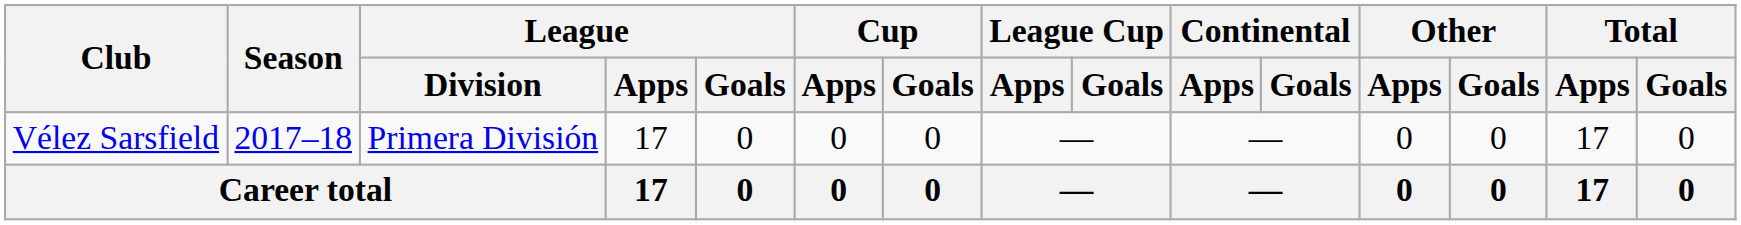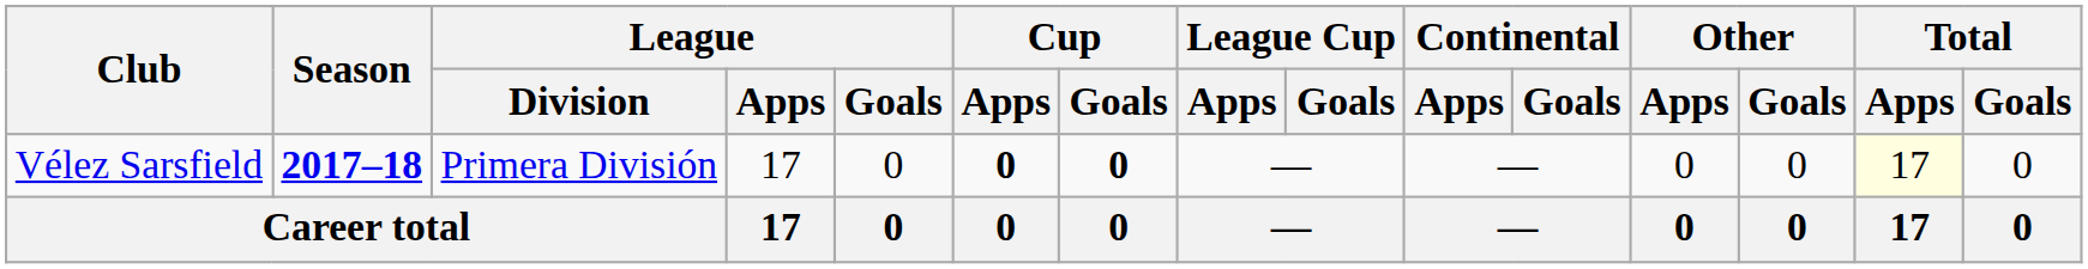 <table class="wikitable" style="text-align:center">
 <tr>
 <th rowspan="2">Club</th>
 <th rowspan="2">Season</th>
 <th colspan="3">League</th>
 <th colspan="2">Cup</th>
 <th colspan="2">League Cup</th>
 <th colspan="2">Continental</th>
 <th colspan="2">Other</th>
 <th colspan="2">Total</th>
 </tr>
 <tr>
 <th>Division</th>
 <th>Apps</th>
 <th>Goals</th>
 <th>Apps</th>
 <th>Goals</th>
 <th>Apps</th>
 <th>Goals</th>
 <th>Apps</th>
 <th>Goals</th>
 <th>Apps</th>
 <th>Goals</th>
 <th>Apps</th>
 <th>Goals</th>
 </tr>
 <tr>
 <td rowspan="1"><a href='#'>Vélez Sarsfield</a></td>
-<td><a href='#'>2017–18</a></td>
+<td><strong><a href='#'>2017–18</a></strong></td>
 <td rowspan="1"><a href='#'>Primera División</a></td>
 <td>17</td>
 <td>0</td>
-<td>0</td>
-<td>0</td>
+<td><strong>0</strong></td>
+<td><strong>0</strong></td>
 <td colspan="2">—</td>
 <td colspan="2">—</td>
 <td>0</td>
 <td>0</td>
-<td>17</td>
+<td style="background: lightyellow;">17</td>
 <td>0</td>
 </tr>
 <tr>
 <th colspan="3">Career total</th>
 <th>17</th>
 <th>0</th>
 <th>0</th>
 <th>0</th>
 <th colspan="2">—</th>
 <th colspan="2">—</th>
 <th>0</th>
 <th>0</th>
 <th>17</th>
 <th>0</th>
 </tr>
 </table>
